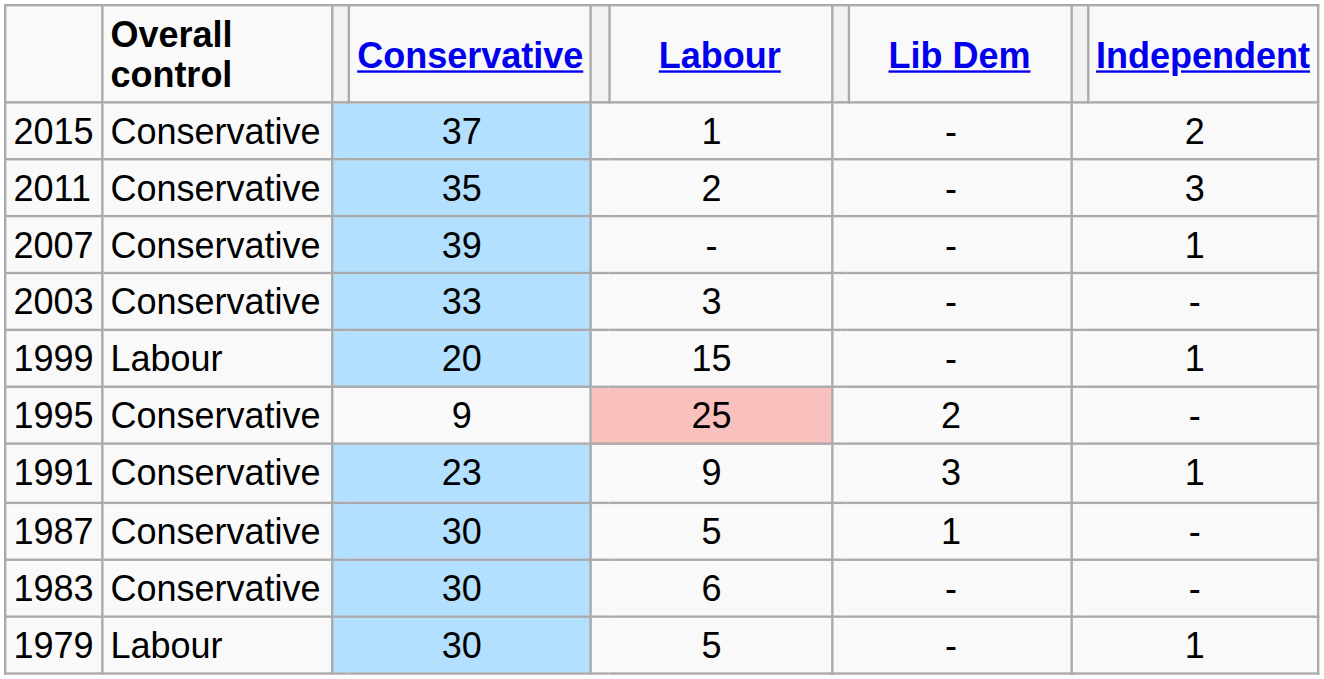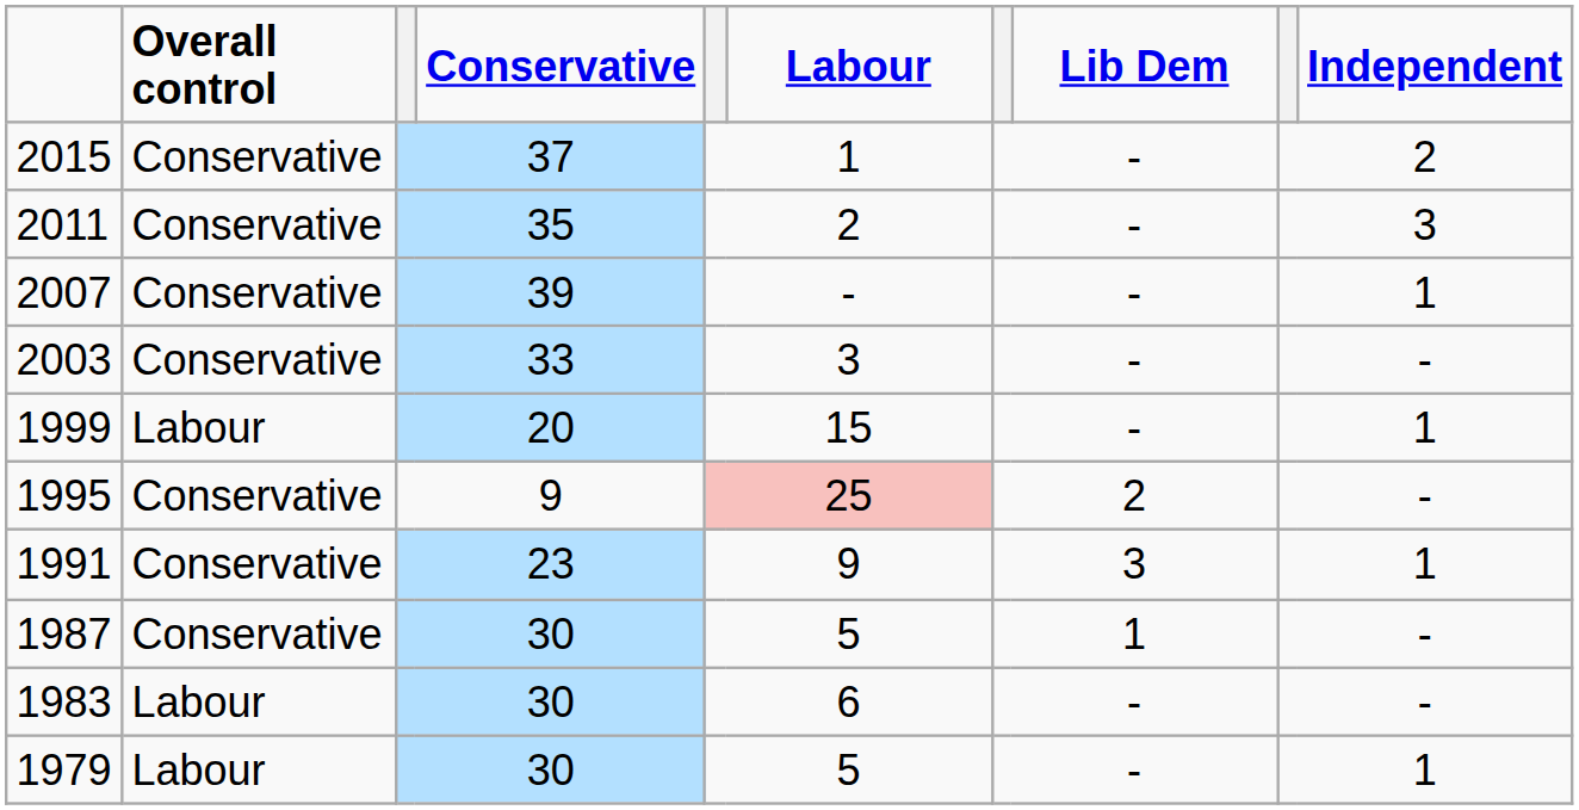 <table class="wikitable" style="text-align:left; padding-left:1em; font-size: 95%">
 <tr>
 <td width=32></td>
 <td width=90><strong>Overall control</strong></td>
 <th style="background-color: "></th>
 <td width=87 align="center"><strong><a href='#'>Conservative</a></strong></td>
 <th style="background-color: "></th>
 <td width=87 align="center"><strong><a href='#'>Labour</a></strong></td>
 <th style="background-color: "></th>
 <td width=87 align="center"><strong><a href='#'>Lib Dem</a></strong></td>
 <th style="background-color: "></th>
 <td width=87 align="center"><strong><a href='#'>Independent</a></strong></td>
 </tr>
 <tr>
 <td>2015</td>
 <td style="background:">Conservative</td>
 <td colspan=2 align="center" style="background:#B3E0FF">37</td>
 <td colspan=2 align="center">1</td>
 <td colspan=2 align="center">-</td>
 <td colspan=2 align="center">2</td>
 </tr>
 <tr>
 <td>2011</td>
 <td style="background:">Conservative</td>
 <td colspan=2 align="center" style="background:#B3E0FF">35</td>
 <td colspan=2 align="center">2</td>
 <td colspan=2 align="center">-</td>
 <td colspan=2 align="center">3</td>
 </tr>
 <tr>
 <td>2007</td>
 <td style="background:">Conservative</td>
 <td colspan=2 align="center" style="background:#B3E0FF">39</td>
 <td colspan=2 align="center">-</td>
 <td colspan=2 align="center">-</td>
 <td colspan=2 align="center">1</td>
 </tr>
 <tr>
 <td>2003</td>
 <td style="background:">Conservative</td>
 <td colspan=2 align="center" style="background:#B3E0FF">33</td>
 <td colspan=2 align="center">3</td>
 <td colspan=2 align="center">-</td>
 <td colspan=2 align="center">-</td>
 </tr>
 <tr>
 <td>1999</td>
 <td style="background:">Labour</td>
 <td colspan=2 align="center" style="background:#B3E0FF">20</td>
 <td colspan=2 align="center">15</td>
 <td colspan=2 align="center">-</td>
 <td colspan=2 align="center">1</td>
 </tr>
 <tr>
 <td>1995</td>
 <td style="background:">Conservative</td>
 <td colspan=2 align="center">9</td>
 <td colspan=2 align="center" style="background:#F8C1BE">25</td>
 <td colspan=2 align="center">2</td>
 <td colspan=2 align="center">-</td>
 </tr>
 <tr>
 <td>1991</td>
 <td style="background:">Conservative</td>
 <td colspan=2 align="center" style="background:#B3E0FF">23</td>
 <td colspan=2 align="center">9</td>
 <td colspan=2 align="center">3</td>
 <td colspan=2 align="center">1</td>
 </tr>
 <tr>
 <td>1987</td>
 <td style="background:">Conservative</td>
 <td colspan=2 align="center" style="background:#B3E0FF">30</td>
 <td colspan=2 align="center">5</td>
 <td colspan=2 align="center">1</td>
 <td colspan=2 align="center">-</td>
 </tr>
 <tr>
 <td>1983</td>
-<td style="background:">Conservative</td>
+<td style="background:">Labour</td>
 <td colspan=2 align="center" style="background:#B3E0FF">30</td>
 <td colspan=2 align="center">6</td>
 <td colspan=2 align="center">-</td>
 <td colspan=2 align="center">-</td>
 </tr>
 <tr>
 <td>1979</td>
 <td style="background:">Labour</td>
 <td colspan=2 align="center" style="background:#B3E0FF">30</td>
 <td colspan=2 align="center">5</td>
 <td colspan=2 align="center">-</td>
 <td colspan=2 align="center">1</td>
 </tr>
 </table>
